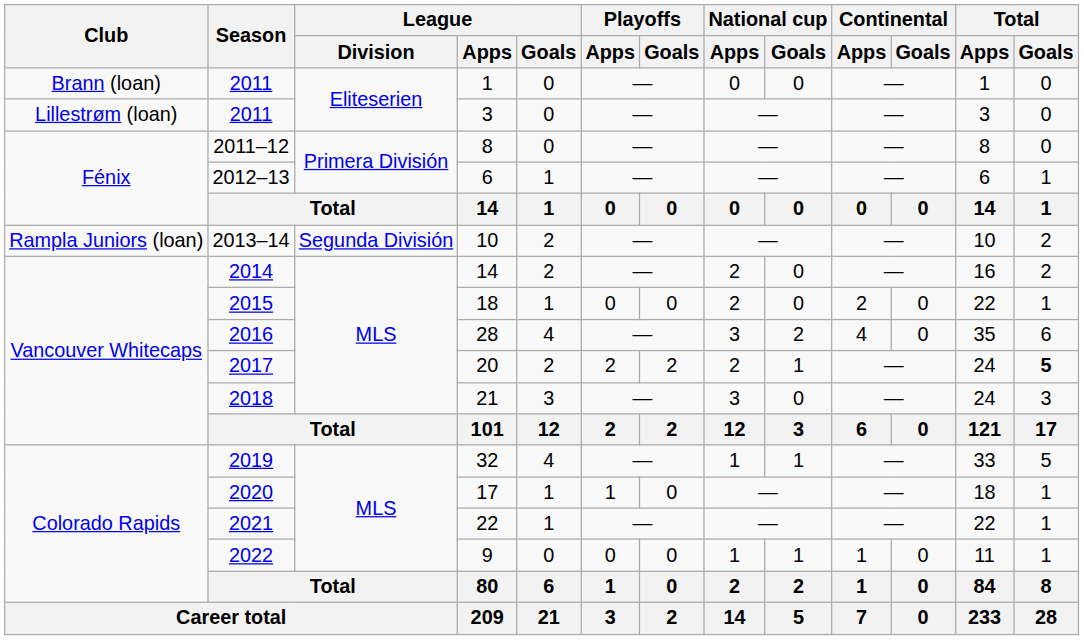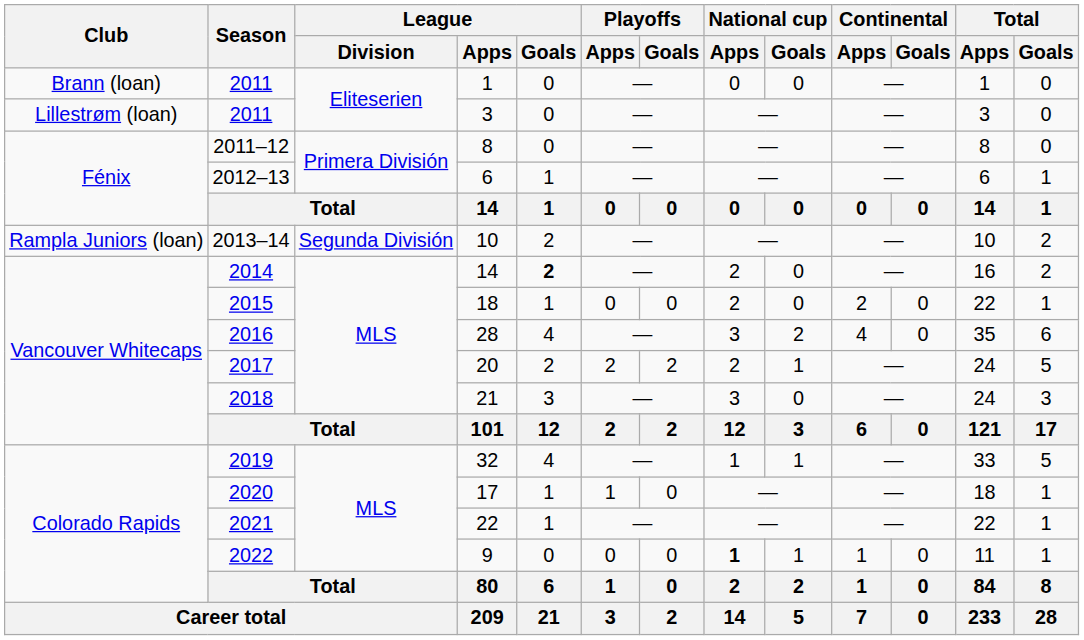 <table class="wikitable" style="text-align:center">
 <tr>
 <th rowspan="2">Club</th>
 <th rowspan="2">Season</th>
 <th colspan="3">League</th>
 <th colspan="2">Playoffs</th>
 <th colspan="2">National cup</th>
 <th colspan="2">Continental</th>
 <th colspan="2">Total</th>
 </tr>
 <tr>
 <th>Division</th>
 <th>Apps</th>
 <th>Goals</th>
 <th>Apps</th>
 <th>Goals</th>
 <th>Apps</th>
 <th>Goals</th>
 <th>Apps</th>
 <th>Goals</th>
 <th>Apps</th>
 <th>Goals</th>
 </tr>
 <tr>
 <td><a href='#'>Brann</a> (loan)</td>
 <td><a href='#'>2011</a></td>
 <td rowspan="2"><a href='#'>Eliteserien</a></td>
 <td>1</td>
 <td>0</td>
 <td colspan="2">—</td>
 <td>0</td>
 <td>0</td>
 <td colspan="2">—</td>
 <td>1</td>
 <td>0</td>
 </tr>
 <tr>
 <td><a href='#'>Lillestrøm</a> (loan)</td>
 <td><a href='#'>2011</a></td>
 <td>3</td>
 <td>0</td>
 <td colspan="2">—</td>
 <td colspan="2">—</td>
 <td colspan="2">—</td>
 <td>3</td>
 <td>0</td>
 </tr>
 <tr>
 <td rowspan="3"><a href='#'>Fénix</a></td>
 <td>2011–12</td>
 <td rowspan="2"><a href='#'>Primera División</a></td>
 <td>8</td>
 <td>0</td>
 <td colspan="2">—</td>
 <td colspan="2">—</td>
 <td colspan="2">—</td>
 <td>8</td>
 <td>0</td>
 </tr>
 <tr>
 <td>2012–13</td>
 <td>6</td>
 <td>1</td>
 <td colspan="2">—</td>
 <td colspan="2">—</td>
 <td colspan="2">—</td>
 <td>6</td>
 <td>1</td>
 </tr>
 <tr>
 <th colspan="2">Total</th>
 <th>14</th>
 <th>1</th>
 <th>0</th>
 <th>0</th>
 <th>0</th>
 <th>0</th>
 <th>0</th>
 <th>0</th>
 <th>14</th>
 <th>1</th>
 </tr>
 <tr>
 <td><a href='#'>Rampla Juniors</a> (loan)</td>
 <td>2013–14</td>
 <td><a href='#'>Segunda División</a></td>
 <td>10</td>
 <td>2</td>
 <td colspan="2">—</td>
 <td colspan="2">—</td>
 <td colspan="2">—</td>
 <td>10</td>
 <td>2</td>
 </tr>
 <tr>
 <td rowspan="6"><a href='#'>Vancouver Whitecaps</a></td>
 <td><a href='#'>2014</a></td>
 <td rowspan="5"><a href='#'>MLS</a></td>
 <td>14</td>
-<td>2</td>
+<td><strong>2</strong></td>
 <td colspan="2">—</td>
 <td>2</td>
 <td>0</td>
 <td colspan="2">—</td>
 <td>16</td>
 <td>2</td>
 </tr>
 <tr>
 <td><a href='#'>2015</a></td>
 <td>18</td>
 <td>1</td>
 <td>0</td>
 <td>0</td>
 <td>2</td>
 <td>0</td>
 <td>2</td>
 <td>0</td>
 <td>22</td>
 <td>1</td>
 </tr>
 <tr>
 <td><a href='#'>2016</a></td>
 <td>28</td>
 <td>4</td>
 <td colspan="2">—</td>
 <td>3</td>
 <td>2</td>
 <td>4</td>
 <td>0</td>
 <td>35</td>
 <td>6</td>
 </tr>
 <tr>
 <td><a href='#'>2017</a></td>
 <td>20</td>
 <td>2</td>
 <td>2</td>
 <td>2</td>
 <td>2</td>
 <td>1</td>
 <td colspan="2">—</td>
 <td>24</td>
-<td><strong>5</strong></td>
+<td>5</td>
 </tr>
 <tr>
 <td><a href='#'>2018</a></td>
 <td>21</td>
 <td>3</td>
 <td colspan="2">—</td>
 <td>3</td>
 <td>0</td>
 <td colspan="2">—</td>
 <td>24</td>
 <td>3</td>
 </tr>
 <tr>
 <th colspan="2">Total</th>
 <th>101</th>
 <th>12</th>
 <th>2</th>
 <th>2</th>
 <th>12</th>
 <th>3</th>
 <th>6</th>
 <th>0</th>
 <th>121</th>
 <th>17</th>
 </tr>
 <tr>
 <td rowspan="5"><a href='#'>Colorado Rapids</a></td>
 <td><a href='#'>2019</a></td>
 <td rowspan="4"><a href='#'>MLS</a></td>
 <td>32</td>
 <td>4</td>
 <td colspan="2">—</td>
 <td>1</td>
 <td>1</td>
 <td colspan="2">—</td>
 <td>33</td>
 <td>5</td>
 </tr>
 <tr>
 <td><a href='#'>2020</a></td>
 <td>17</td>
 <td>1</td>
 <td>1</td>
 <td>0</td>
 <td colspan="2">—</td>
 <td colspan="2">—</td>
 <td>18</td>
 <td>1</td>
 </tr>
 <tr>
 <td><a href='#'>2021</a></td>
 <td>22</td>
 <td>1</td>
 <td colspan="2">—</td>
 <td colspan="2">—</td>
 <td colspan="2">—</td>
 <td>22</td>
 <td>1</td>
 </tr>
 <tr>
 <td><a href='#'>2022</a></td>
 <td>9</td>
 <td>0</td>
 <td>0</td>
 <td>0</td>
-<td>1</td>
+<td><strong>1</strong></td>
 <td>1</td>
 <td>1</td>
 <td>0</td>
 <td>11</td>
 <td>1</td>
 </tr>
 <tr>
 <th colspan="2">Total</th>
 <th>80</th>
 <th>6</th>
 <th>1</th>
 <th>0</th>
 <th>2</th>
 <th>2</th>
 <th>1</th>
 <th>0</th>
 <th>84</th>
 <th>8</th>
 </tr>
 <tr>
 <th colspan="3">Career total</th>
 <th>209</th>
 <th>21</th>
 <th>3</th>
 <th>2</th>
 <th>14</th>
 <th>5</th>
 <th>7</th>
 <th>0</th>
 <th>233</th>
 <th>28</th>
 </tr>
 </table>
